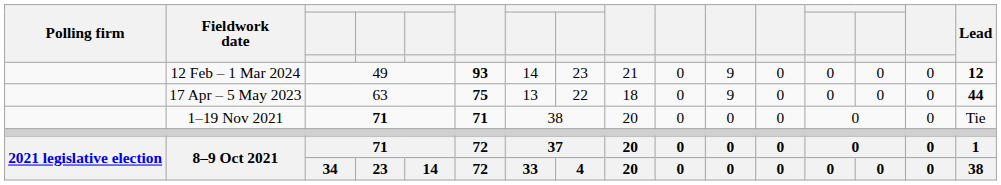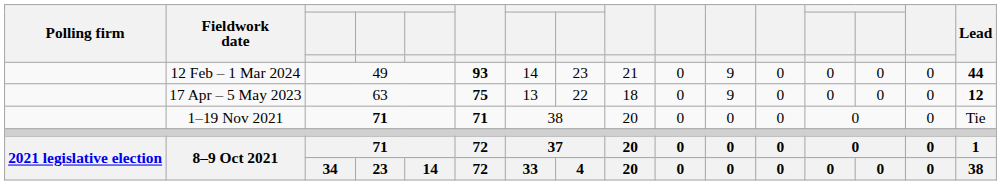 <table class="wikitable mw-collapsible sortable" style="text-align:center;font-size:90%;line-height:14px;">
 <tr>
 <th rowspan="3">Polling firm</th>
 <th rowspan="3">Fieldwork<br>date</th>
 <th colspan="3" class="unsortable" style="width:40px;"></th>
 <th rowspan="2" class="unsortable" style="width:40px;"></th>
 <th colspan="2" class="unsortable" style="width:40px;"></th>
 <th rowspan="2" class="unsortable" style="width:40px;"></th>
 <th rowspan="2" class="unsortable" style="width:40px;"></th>
 <th rowspan="2" class="unsortable" style="width:40px;"></th>
 <th rowspan="2" class="unsortable" style="width:40px;"></th>
 <th colspan="2" class="unsortable" style="width:40px;"></th>
 <th rowspan="2" class="unsortable" style="width:40px;"></th>
 <th rowspan="3" style="width:25px;">Lead</th>
 </tr>
 <tr style="height:40px;">
 <th class="unsortable" style="width:40px;"></th>
 <th class="unsortable" style="width:40px;"></th>
 <th class="unsortable" style="width:40px;"></th>
 <th class="unsortable" style="width:40px;"></th>
 <th class="unsortable" style="width:40px;"></th>
 <th class="unsortable" style="width:40px;"></th>
 <th class="unsortable" style="width:40px;"></th>
 </tr>
 <tr>
 <th class="unsortable" style="color:inherit;background:"></th>
 <th class="unsortable" style="color:inherit;background:"></th>
 <th class="unsortable" style="color:inherit;background:"></th>
 <th class="unsortable" style="color:inherit;background:"></th>
 <th class="unsortable" style="color:inherit;background:"></th>
 <th class="unsortable" style="color:inherit;background:"></th>
 <th class="unsortable" style="color:inherit;background:"></th>
 <th class="unsortable" style="color:inherit;background:"></th>
 <th class="unsortable" style="color:inherit;background:"></th>
 <th class="unsortable" style="color:inherit;background:"></th>
 <th class="unsortable" style="color:inherit;background:"></th>
 <th class="unsortable" style="color:inherit;background:"></th>
 <th class="unsortable" style="color:inherit;background:"></th>
 </tr>
 <tr>
 <td></td>
 <td>12 Feb – 1 Mar 2024</td>
 <td colspan="3">49</td>
 <td><strong>93</strong></td>
 <td>14</td>
 <td>23</td>
 <td>21</td>
 <td>0</td>
 <td>9</td>
 <td>0</td>
 <td>0</td>
 <td>0</td>
 <td>0</td>
-<td style="background:"><strong>12</strong></td>
+<td style="background:"><strong>44</strong></td>
 </tr>
 <tr>
 <td></td>
 <td>17 Apr – 5 May 2023</td>
 <td colspan="3">63</td>
 <td><strong>75</strong></td>
 <td>13</td>
 <td>22</td>
 <td>18</td>
 <td>0</td>
 <td>9</td>
 <td>0</td>
 <td>0</td>
 <td>0</td>
 <td>0</td>
-<td style="background:"><strong>44</strong></td>
+<td style="background:"><strong>12</strong></td>
 </tr>
 <tr>
 <td></td>
 <td>1–19 Nov 2021</td>
 <td colspan="3" ><strong>71</strong></td>
 <td><strong>71</strong></td>
 <td colspan="2">38</td>
 <td>20</td>
 <td>0</td>
 <td>0</td>
 <td>0</td>
 <td colspan="2">0</td>
 <td>0</td>
 <td>Tie</td>
 </tr>
 <tr>
 <td colspan="16" style="background:#D0D0D0; color:black"></td>
 </tr>
 <tr>
 <th rowspan="2"><a href='#'>2021 legislative election</a></th>
 <th rowspan="2">8–9 Oct 2021</th>
 <th colspan="3">71</th>
 <th><strong>72</strong></th>
 <th colspan="2">37</th>
 <th>20</th>
 <th>0</th>
 <th>0</th>
 <th>0</th>
 <th colspan="2">0</th>
 <th>0</th>
 <th style="background:">1</th>
 </tr>
 <tr>
 <th>34</th>
 <th>23</th>
 <th>14</th>
 <th><strong>72</strong></th>
 <th>33</th>
 <th>4</th>
 <th>20</th>
 <th>0</th>
 <th>0</th>
 <th>0</th>
 <th>0</th>
 <th>0</th>
 <th>0</th>
 <th style="background:">38</th>
 </tr>
 </table>
